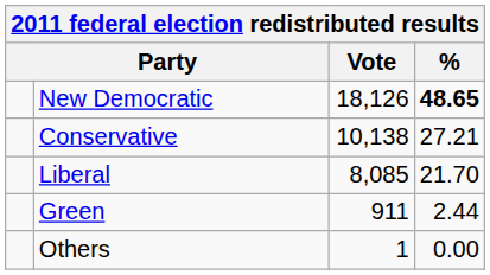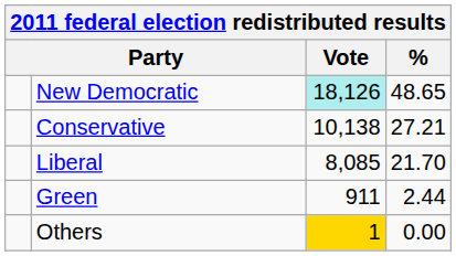 <table class="wikitable">
 <tr>
 <th colspan="4"><a href='#'>2011 federal election</a> redistributed results</th>
 </tr>
 <tr>
 <th bgcolor="#DDDDFF" width="130px" colspan="2">Party</th>
 <th bgcolor="#DDDDFF" width="50px">Vote</th>
 <th bgcolor="#DDDDFF" width="30px">%</th>
 </tr>
 <tr>
 <td> </td>
 <td><a href='#'>New Democratic</a></td>
-<td align=right>18,126</td>
-<td align=right><strong>48.65</strong></td>
+<td align=right style="background: paleturquoise;">18,126</td>
+<td align=right>48.65</td>
 </tr>
 <tr>
 <td> </td>
 <td><a href='#'>Conservative</a></td>
 <td align=right>10,138</td>
 <td align=right>27.21</td>
 </tr>
 <tr>
 <td> </td>
 <td><a href='#'>Liberal</a></td>
 <td align=right>8,085</td>
 <td align=right>21.70</td>
 </tr>
 <tr>
 <td> </td>
 <td><a href='#'>Green</a></td>
 <td align=right>911</td>
 <td align=right>2.44</td>
 </tr>
 <tr>
 <td> </td>
 <td>Others</td>
-<td align=right>1</td>
+<td align=right style="background: gold;">1</td>
 <td align=right>0.00</td>
 </tr>
 </table>
